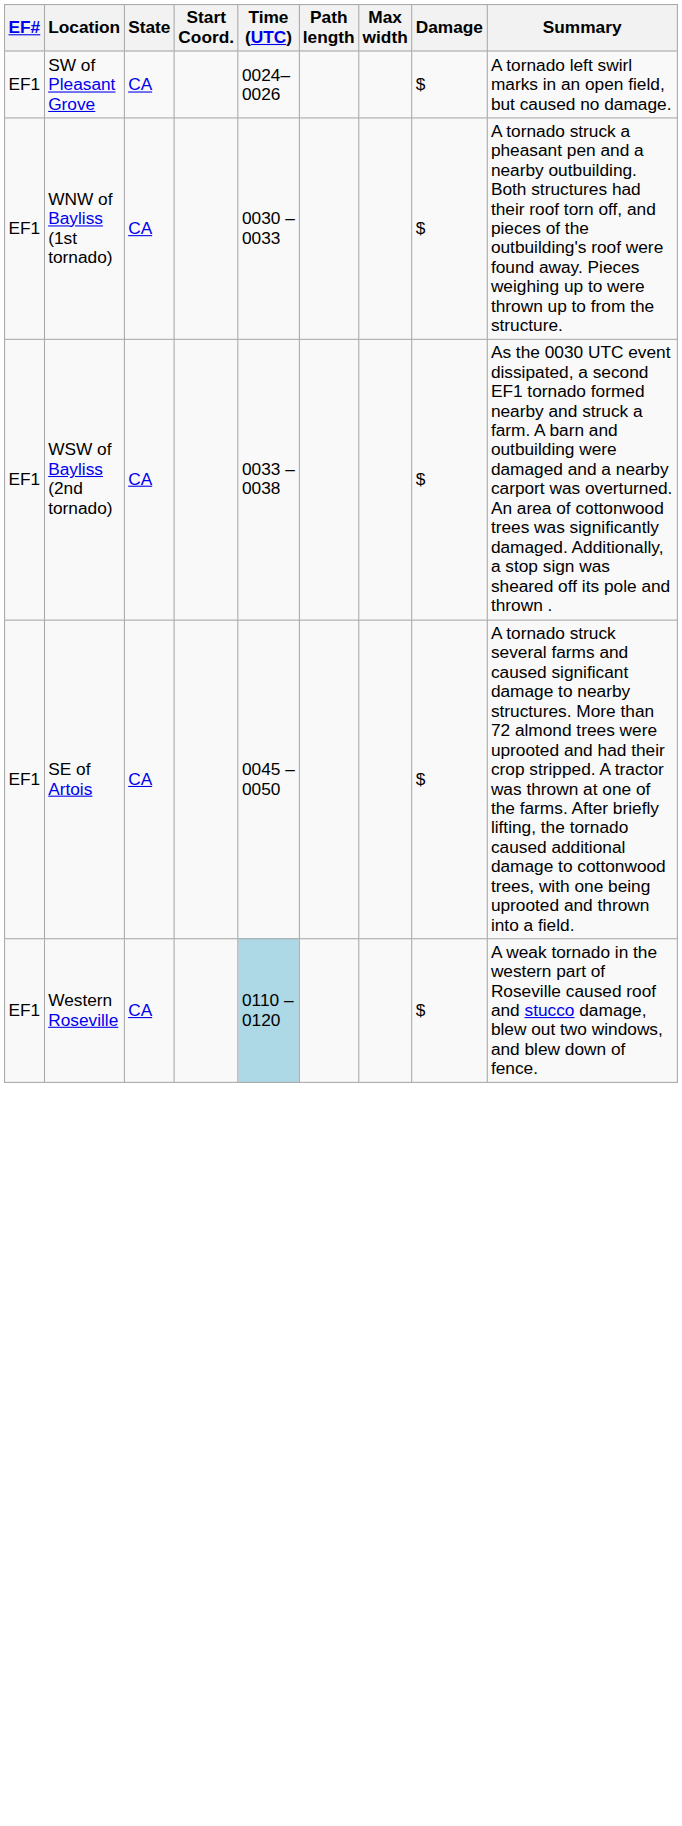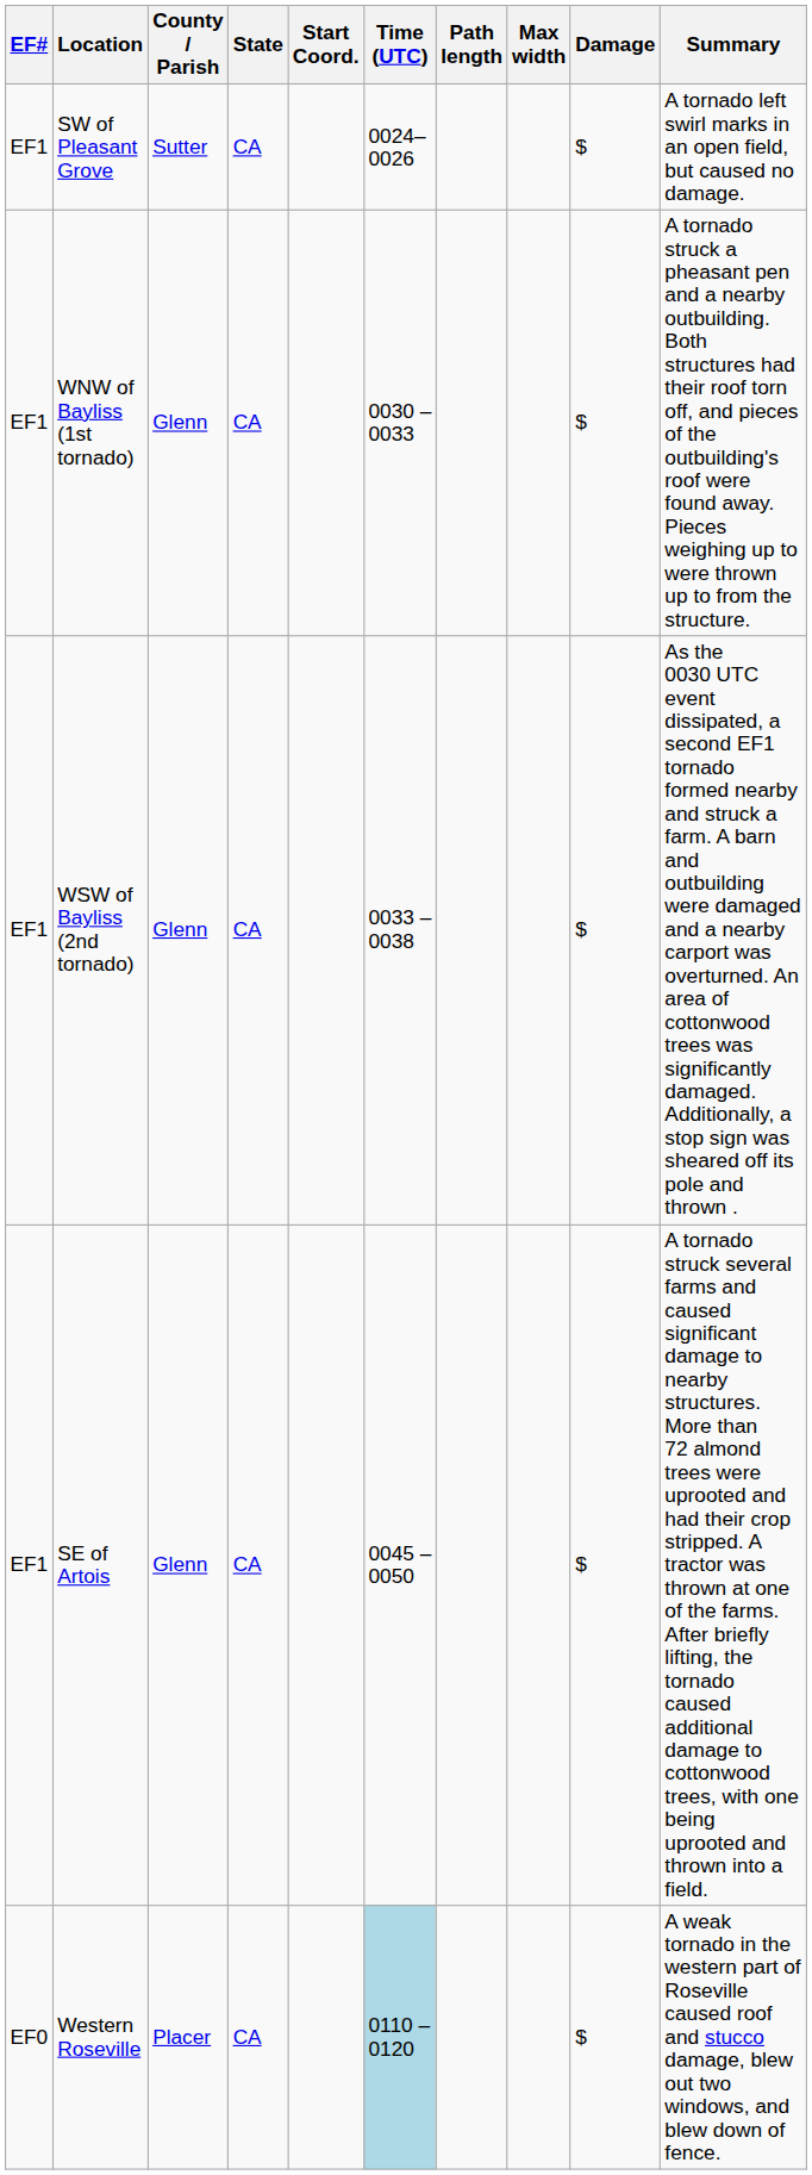 <table class="wikitable sortable" style="width:100%;">
 <tr>
 <th scope="col" width="3%" align="center"><a href='#'>EF#</a></th>
 <th scope="col" width="7%" align="center" class="unsortable">Location</th>
+<th scope="col" width="6%" align="center" class="unsortable">County / Parish</th>
 <th scope="col" width="5%" align="center">State</th>
 <th scope="col" width="6%" align="center">Start Coord.</th>
 <th scope="col" width="6%" align="center">Time (<a href='#'>UTC</a>)</th>
 <th scope="col" width="6%" align="center">Path length</th>
 <th scope="col" width="6%" align="center">Max width</th>
 <th scope="col" width="6%" align="center">Damage</th>
 <th scope="col" width="48%" class="unsortable" align="center">Summary</th>
 </tr>
 <tr>
 <td>EF1</td>
 <td>SW of <a href='#'>Pleasant Grove</a></td>
+<td><a href='#'>Sutter</a></td>
 <td><a href='#'>CA</a></td>
 <td></td>
 <td>0024–0026</td>
 <td></td>
 <td></td>
 <td>$</td>
 <td>A tornado left swirl marks in an open field, but caused no damage.</td>
 </tr>
 <tr>
 <td>EF1</td>
 <td>WNW of <a href='#'>Bayliss</a> (1st tornado)</td>
+<td><a href='#'>Glenn</a></td>
 <td><a href='#'>CA</a></td>
 <td></td>
 <td>0030 – 0033</td>
 <td></td>
 <td></td>
 <td>$</td>
 <td>A tornado struck a pheasant pen and a nearby outbuilding. Both structures had their roof torn off, and pieces of the outbuilding's roof were found  away. Pieces weighing up to  were thrown up to  from the structure.</td>
 </tr>
 <tr>
 <td>EF1</td>
 <td>WSW of <a href='#'>Bayliss</a> (2nd tornado)</td>
+<td><a href='#'>Glenn</a></td>
 <td><a href='#'>CA</a></td>
 <td></td>
 <td>0033 – 0038</td>
 <td></td>
 <td></td>
 <td>$</td>
 <td>As the 0030 UTC event dissipated, a second EF1 tornado formed nearby and struck a farm. A barn and outbuilding were damaged and a nearby carport was overturned. An area of cottonwood trees was significantly damaged. Additionally, a stop sign was sheared off its pole and thrown .</td>
 </tr>
 <tr>
 <td>EF1</td>
 <td>SE of <a href='#'>Artois</a></td>
+<td><a href='#'>Glenn</a></td>
 <td><a href='#'>CA</a></td>
 <td></td>
 <td>0045 – 0050</td>
 <td></td>
 <td></td>
 <td>$</td>
 <td>A tornado struck several farms and caused significant damage to nearby structures. More than 72 almond trees were uprooted and had their crop stripped. A tractor was thrown  at one of the farms. After briefly lifting, the tornado caused additional damage to cottonwood trees, with one being uprooted and thrown  into a field.</td>
 </tr>
 <tr>
-<td>EF1</td>
+<td>EF0</td>
 <td>Western <a href='#'>Roseville</a></td>
+<td><a href='#'>Placer</a></td>
 <td><a href='#'>CA</a></td>
 <td></td>
 <td style="background: lightblue;">0110 – 0120</td>
 <td></td>
 <td></td>
 <td>$</td>
 <td>A weak tornado in the western part of Roseville caused roof and <a href='#'>stucco</a> damage, blew out two windows, and blew down  of fence.</td>
 </tr>
 </table>
